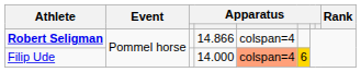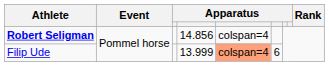 <table class="wikitable" style="font-size:90%">
 <tr>
 <th rowspan=2>Athlete</th>
 <th rowspan=2>Event</th>
 <th colspan =6>Apparatus</th>
 <th rowspan=2>Rank</th>
 </tr>
 <tr style="font-size:95%">
 <th></th>
 <th></th>
 <th></th>
 <th></th>
 <th></th>
 <th></th>
 </tr>
 <tr align=center>
 <td align=left><strong><a href='#'>Robert Seligman</a></strong></td>
 <td align=left rowspan=2>Pommel horse</td>
 <td></td>
-<td>14.866</td>
+<td>14.856</td>
 <td>colspan=4</td>
 <td></td>
 </tr>
 <tr align=center>
 <td align=left><a href='#'>Filip Ude</a></td>
 <td></td>
-<td>14.000</td>
+<td>13.999</td>
 <td style="background: lightsalmon;">colspan=4</td>
-<td style="background: gold;">6</td>
+<td>6</td>
 </tr>
 </table>
